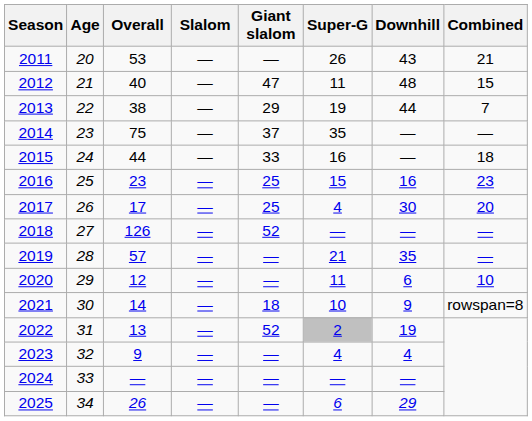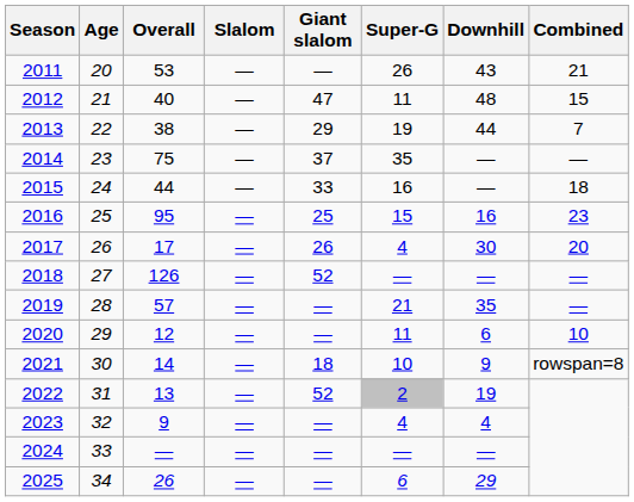 <table class=wikitable style="text-align:center">
 <tr>
 <th>Season</th>
 <th>Age</th>
 <th> Overall </th>
 <th> Slalom </th>
 <th>Giant<br> slalom </th>
 <th>Super-G</th>
 <th>Downhill</th>
 <th>Combined</th>
 </tr>
 <tr>
 <td><a href='#'>2011</a></td>
 <td><em>20</em></td>
 <td>53</td>
 <td>—</td>
 <td>—</td>
 <td>26</td>
 <td>43</td>
 <td>21</td>
 </tr>
 <tr 9>
 <td><a href='#'>2012</a></td>
 <td><em>21</em></td>
 <td>40</td>
 <td>—</td>
 <td>47</td>
 <td>11</td>
 <td>48</td>
 <td>15</td>
 </tr>
 <tr>
 <td><a href='#'>2013</a></td>
 <td><em>22</em></td>
 <td>38</td>
 <td>—</td>
 <td>29</td>
 <td>19</td>
 <td>44</td>
 <td>7</td>
 </tr>
 <tr>
 <td><a href='#'>2014</a></td>
 <td><em>23</em></td>
 <td>75</td>
 <td>—</td>
 <td>37</td>
 <td>35</td>
 <td>—</td>
 <td>—</td>
 </tr>
 <tr>
 <td><a href='#'>2015</a></td>
 <td><em>24</em></td>
 <td>44</td>
 <td>—</td>
 <td>33</td>
 <td>16</td>
 <td>—</td>
 <td>18</td>
 </tr>
 <tr>
 <td><a href='#'>2016</a></td>
 <td><em>25</em></td>
-<td><a href='#'>23</a></td>
+<td><a href='#'>95</a></td>
 <td><a href='#'>—</a></td>
 <td><a href='#'>25</a></td>
 <td><a href='#'>15</a></td>
 <td><a href='#'>16</a></td>
 <td><a href='#'>23</a></td>
 </tr>
 <tr>
 <td><a href='#'>2017</a></td>
 <td><em>26</em></td>
 <td><a href='#'>17</a></td>
 <td><a href='#'>—</a></td>
-<td><a href='#'>25</a></td>
+<td><a href='#'>26</a></td>
 <td><a href='#'>4</a></td>
 <td><a href='#'>30</a></td>
 <td><a href='#'>20</a></td>
 </tr>
 <tr>
 <td><a href='#'>2018</a></td>
 <td><em>27</em></td>
 <td><a href='#'>126</a></td>
 <td><a href='#'>—</a></td>
 <td><a href='#'>52</a></td>
 <td><a href='#'>—</a></td>
 <td><a href='#'>—</a></td>
 <td><a href='#'>—</a></td>
 </tr>
 <tr>
 <td><a href='#'>2019</a></td>
 <td><em>28</em></td>
 <td><a href='#'>57</a></td>
 <td><a href='#'>—</a></td>
 <td><a href='#'>—</a></td>
 <td><a href='#'>21</a></td>
 <td><a href='#'>35</a></td>
 <td><a href='#'>—</a></td>
 </tr>
 <tr>
 <td><a href='#'>2020</a></td>
 <td><em>29</em></td>
 <td><a href='#'>12</a></td>
 <td><a href='#'>—</a></td>
 <td><a href='#'>—</a></td>
 <td><a href='#'>11</a></td>
 <td><a href='#'>6</a></td>
 <td><a href='#'>10</a></td>
 </tr>
 <tr>
 <td><a href='#'>2021</a></td>
 <td><em>30</em></td>
 <td><a href='#'>14</a></td>
 <td><a href='#'>—</a></td>
 <td><a href='#'>18</a></td>
 <td><a href='#'>10</a></td>
 <td><a href='#'>9</a></td>
 <td>rowspan=8 </td>
 </tr>
 <tr>
 <td><a href='#'>2022</a></td>
 <td><em>31</em></td>
 <td><a href='#'>13</a></td>
 <td><a href='#'>—</a></td>
 <td><a href='#'>52</a></td>
 <td style="background:silver;"><a href='#'>2</a></td>
 <td><a href='#'>19</a></td>
 </tr>
 <tr>
 <td><a href='#'>2023</a></td>
 <td><em>32</em></td>
 <td><a href='#'>9</a></td>
 <td><a href='#'>—</a></td>
 <td><a href='#'>—</a></td>
 <td><a href='#'>4</a></td>
 <td><a href='#'>4</a></td>
 </tr>
 <tr>
 <td><a href='#'>2024</a></td>
 <td><em>33</em></td>
 <td><a href='#'>—</a></td>
 <td><a href='#'>—</a></td>
 <td><a href='#'>—</a></td>
 <td><a href='#'>—</a></td>
 <td><a href='#'>—</a></td>
 </tr>
 <tr>
 <td><a href='#'>2025</a></td>
 <td><em>34</em></td>
 <td><a href='#'><em>26</em></a></td>
 <td><a href='#'>—</a></td>
 <td><a href='#'>—</a></td>
 <td><a href='#'><em>6</em></a></td>
 <td><a href='#'><em>29</em></a></td>
 </tr>
 </table>
